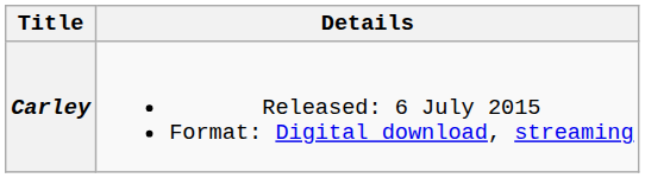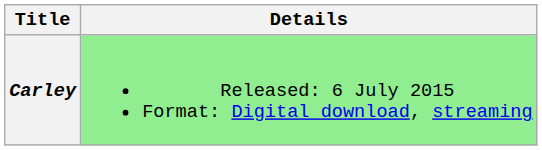 <table class="wikitable plainrowheaders" style="text-align:center;">
 <tr>
 <th scope="col">Title</th>
 <th scope="col">Details</th>
 </tr>
 <tr>
 <th scope="row"><em>Carley</em></th>
-<td><br><ul><li>Released: 6 July 2015</li><li>Format: <a href='#'>Digital download</a>, <a href='#'>streaming</a></li></ul></td>
+<td style="background: lightgreen;"><br><ul><li>Released: 6 July 2015</li><li>Format: <a href='#'>Digital download</a>, <a href='#'>streaming</a></li></ul></td>
 </tr>
 </table>
